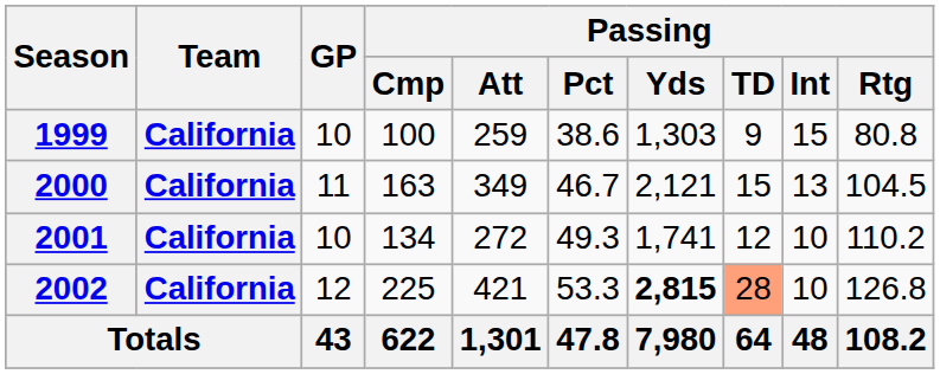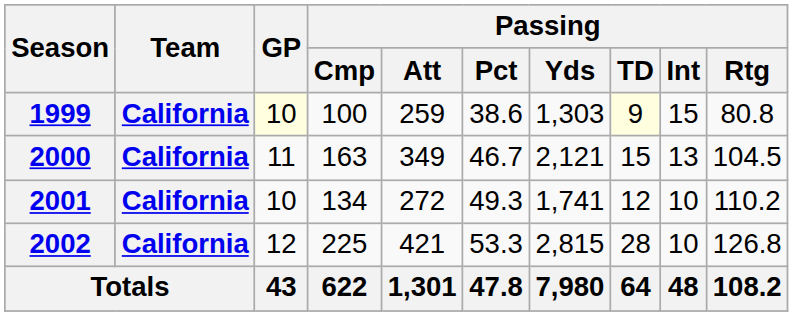 <table class="wikitable" style="text-align:center;">
 <tr>
 <th rowspan="2">Season</th>
 <th rowspan="2">Team</th>
 <th rowspan="2">GP</th>
 <th colspan="7">Passing</th>
 </tr>
 <tr>
 <th>Cmp</th>
 <th>Att</th>
 <th>Pct</th>
 <th>Yds</th>
 <th>TD</th>
 <th>Int</th>
 <th>Rtg</th>
 </tr>
 <tr>
 <th><a href='#'>1999</a></th>
 <th><a href='#'>California</a></th>
-<td>10</td>
+<td style="background: lightyellow;">10</td>
 <td>100</td>
 <td>259</td>
 <td>38.6</td>
 <td>1,303</td>
-<td>9</td>
+<td style="background: lightyellow;">9</td>
 <td>15</td>
 <td>80.8</td>
 </tr>
 <tr>
 <th><a href='#'>2000</a></th>
 <th><a href='#'>California</a></th>
 <td>11</td>
 <td>163</td>
 <td>349</td>
 <td>46.7</td>
 <td>2,121</td>
 <td>15</td>
 <td>13</td>
 <td>104.5</td>
 </tr>
 <tr>
 <th><a href='#'>2001</a></th>
 <th><a href='#'>California</a></th>
 <td>10</td>
 <td>134</td>
 <td>272</td>
 <td>49.3</td>
 <td>1,741</td>
 <td>12</td>
 <td>10</td>
 <td>110.2</td>
 </tr>
 <tr>
 <th><a href='#'>2002</a></th>
 <th><a href='#'>California</a></th>
 <td>12</td>
 <td>225</td>
 <td>421</td>
 <td>53.3</td>
-<td><strong>2,815</strong></td>
-<td style="background: lightsalmon;">28</td>
+<td>2,815</td>
+<td>28</td>
 <td>10</td>
 <td>126.8</td>
 </tr>
 <tr>
 <th colspan="2">Totals</th>
 <th>43</th>
 <th>622</th>
 <th>1,301</th>
 <th>47.8</th>
 <th>7,980</th>
 <th>64</th>
 <th>48</th>
 <th>108.2</th>
 </tr>
 </table>
